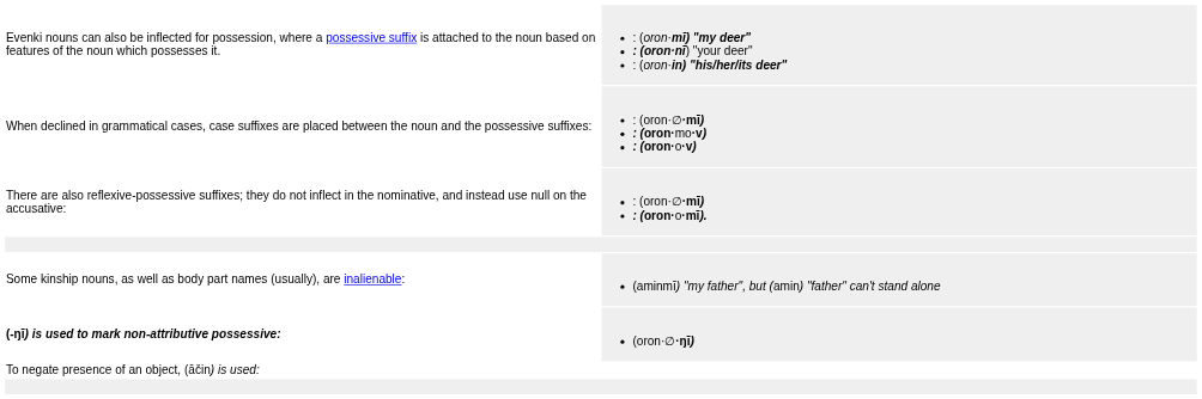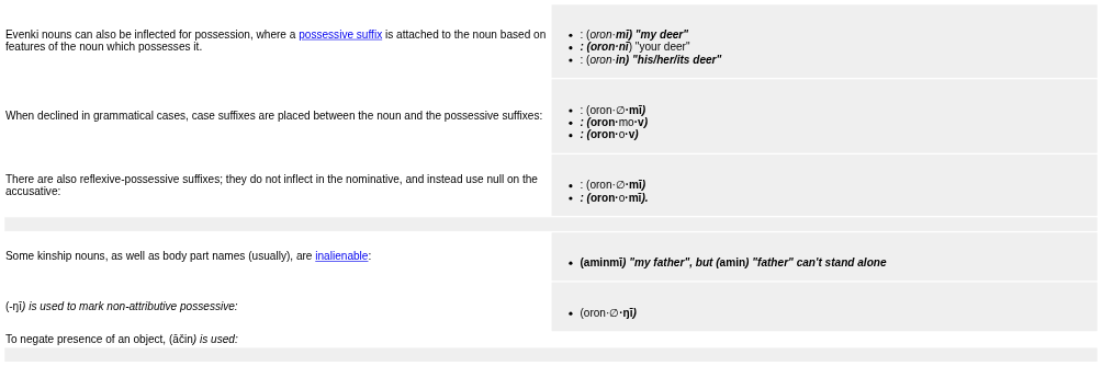 <table>
 <tr>
 <td width="50%">Evenki nouns can also be inflected for possession, where a <a href='#'>possessive suffix</a> is attached to the noun based on features of the noun which possesses it.</td>
 <td width="50%"; style="background:#efefef;"><br><ul><li>:  (<em>oron·<strong>mī<strong><em>) "my deer"</li><li>:  (</em>oron·</strong>nī</em></strong>) "your deer"</li><li>:  (<em>oron·<strong>in<strong><em>) "his/her/its deer"</li></ul></td>
 </tr>
 <tr>
 <td>When declined in grammatical cases, case suffixes are placed between the noun and the possessive suffixes:</td>
 <td style="background:#efefef;"><br><ul><li>:  (</em>oron·</strong>∅<strong>·mī<em>)</li><li>:  (</em>oron·</strong>mo<strong>·v<em>)</li><li>:  (</em>oron·</strong>o<strong>·v<em>)</li></ul></td>
 </tr>
 <tr>
 <td>There are also reflexive-possessive suffixes; they do not inflect in the nominative, and instead use null on the accusative:</td>
 <td style="background:#efefef;"><br><ul><li>:  (</em>oron·</strong>∅<strong>·mī<em>)</li><li>:  (</em>oron·</strong>o<strong>·mī<em>).</li></ul></td>
 </tr>
 <tr>
 <td style="background:#efefef;" colspan="2"><br></td>
 </tr>
 <tr>
 <td>Some kinship nouns, as well as body part names (usually), are <a href='#'>inalienable</a>:</td>
-<td style="background:#efefef;"><br><ul><li> (</em>aminmī<em>) "my father", but  (</em>amin<em>) "father" can't stand alone</li></ul></td>
+<td style="background:#efefef;"><strong><br><ul><li> (</em>aminmī<em>) "my father", but  (</em>amin<em>) "father" can't stand alone</li></ul></strong></td>
 </tr>
 <tr>
-<td><strong> (</em>-ŋī<em>) is used to mark non-attributive possessive:</strong></td>
+<td> (</em>-ŋī<em>) is used to mark non-attributive possessive:</td>
 <td style="background:#efefef;"><br><ul><li> (</em>oron·</strong>∅<strong>·ŋī<em>)</li></ul></td>
 </tr>
 <tr>
 <td colspan="2">To negate presence of an object,  (</em>āčin<em>) is used:</td>
 </tr>
 <tr>
 <td style="background:#efefef;" colspan="2"><br> </td>
 </tr>
 </table>
